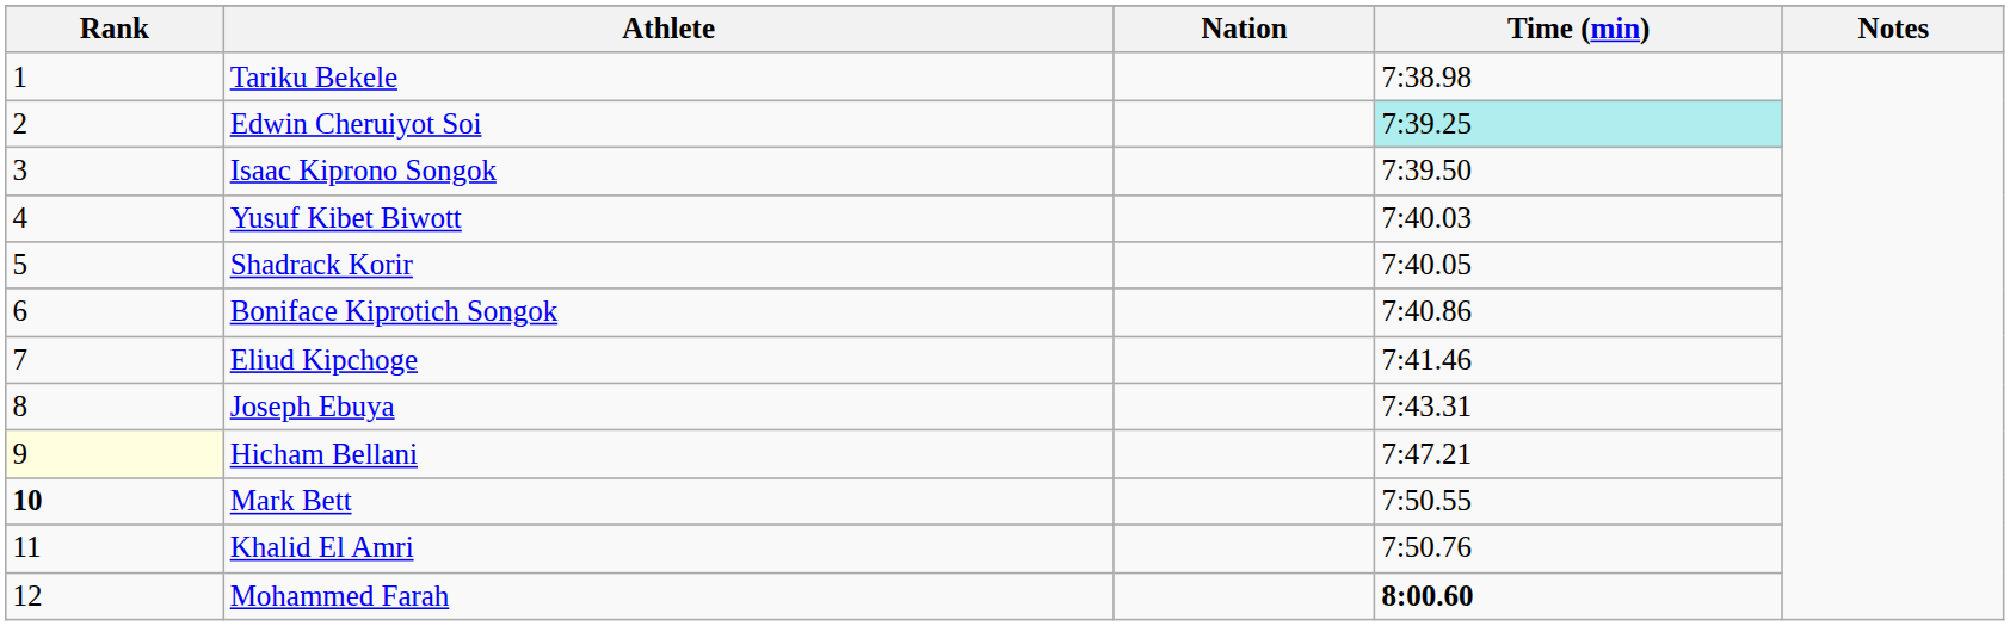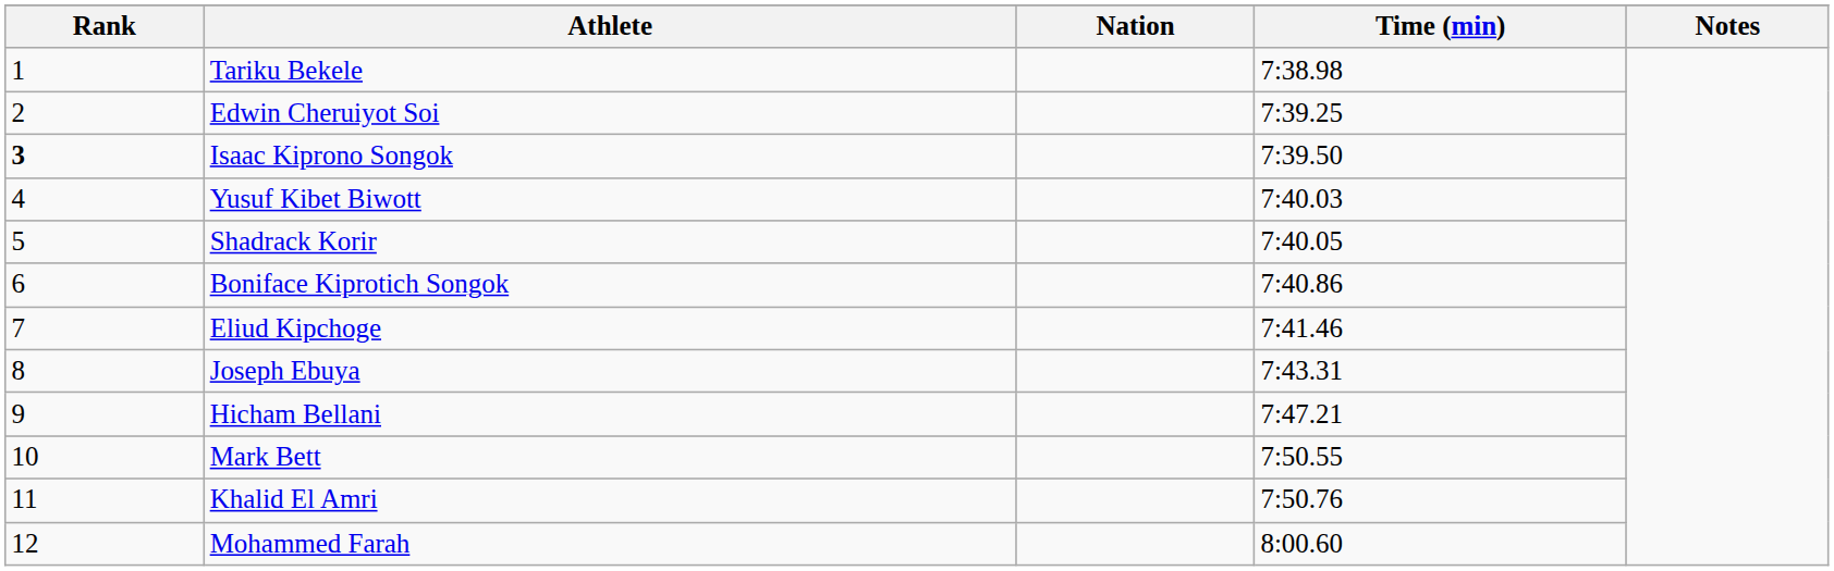 <table class="wikitable" width=85%>
 <tr>
 </tr>
 <tr>
 <th>Rank</th>
 <th>Athlete</th>
 <th>Nation</th>
 <th>Time (<a href='#'>min</a>)</th>
 <th>Notes</th>
 </tr>
 <tr>
 <td>1</td>
 <td><a href='#'>Tariku Bekele</a></td>
 <td></td>
 <td>7:38.98</td>
 </tr>
 <tr>
 <td>2</td>
 <td><a href='#'>Edwin Cheruiyot Soi</a></td>
 <td></td>
-<td style="background: paleturquoise;">7:39.25</td>
+<td>7:39.25</td>
 </tr>
 <tr>
-<td>3</td>
+<td><strong>3</strong></td>
 <td><a href='#'>Isaac Kiprono Songok</a></td>
 <td></td>
 <td>7:39.50</td>
 </tr>
 <tr>
 <td>4</td>
 <td><a href='#'>Yusuf Kibet Biwott</a></td>
 <td></td>
 <td>7:40.03</td>
 </tr>
 <tr>
 <td>5</td>
 <td><a href='#'>Shadrack Korir</a></td>
 <td></td>
 <td>7:40.05</td>
 </tr>
 <tr>
 <td>6</td>
 <td><a href='#'>Boniface Kiprotich Songok</a></td>
 <td></td>
 <td>7:40.86</td>
 </tr>
 <tr>
 <td>7</td>
 <td><a href='#'>Eliud Kipchoge</a></td>
 <td></td>
 <td>7:41.46</td>
 </tr>
 <tr>
 <td>8</td>
 <td><a href='#'>Joseph Ebuya</a></td>
 <td></td>
 <td>7:43.31</td>
 </tr>
 <tr>
-<td style="background: lightyellow;">9</td>
+<td>9</td>
 <td><a href='#'>Hicham Bellani</a></td>
 <td></td>
 <td>7:47.21</td>
 </tr>
 <tr>
-<td><strong>10</strong></td>
+<td>10</td>
 <td><a href='#'>Mark Bett</a></td>
 <td></td>
 <td>7:50.55</td>
 </tr>
 <tr>
 <td>11</td>
 <td><a href='#'>Khalid El Amri</a></td>
 <td></td>
 <td>7:50.76</td>
 </tr>
 <tr>
 <td>12</td>
 <td><a href='#'>Mohammed Farah</a></td>
 <td></td>
-<td><strong>8:00.60</strong></td>
+<td>8:00.60</td>
 </tr>
 </table>
